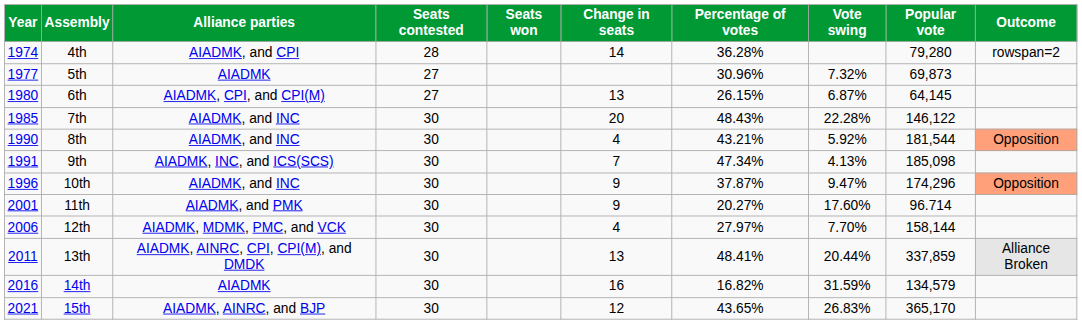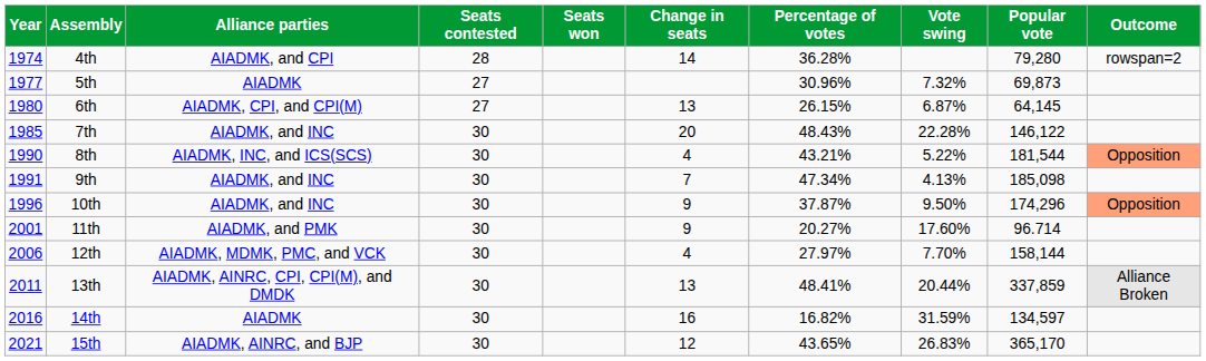 <table class="wikitable sortable" style="text-align:center;">
 <tr>
 <th style="background-color:#009933;color:white">Year</th>
 <th style="background-color:#009933;color:white">Assembly</th>
 <th style="background-color:#009933;color:white">Alliance parties</th>
 <th style="background-color:#009933;color:white">Seats contested</th>
 <th style="background-color:#009933;color:white">Seats won</th>
 <th style="background-color:#009933;color:white">Change in seats</th>
 <th style="background-color:#009933;color:white">Percentage of votes</th>
 <th style="background-color:#009933;color:white">Vote swing</th>
 <th style="background-color:#009933;color:white">Popular vote</th>
 <th style="background-color:#009933;color:white">Outcome</th>
 </tr>
 <tr>
 <td><a href='#'>1974</a></td>
 <td>4th</td>
 <td><a href='#'>AIADMK</a>, and <a href='#'>CPI</a></td>
 <td>28</td>
 <td></td>
 <td> 14</td>
 <td>36.28%</td>
 <td></td>
 <td>79,280</td>
 <td>rowspan=2 </td>
 </tr>
 <tr>
 <td><a href='#'>1977</a></td>
 <td>5th</td>
 <td><a href='#'>AIADMK</a></td>
 <td>27</td>
 <td></td>
 <td></td>
 <td>30.96%</td>
 <td> 7.32%</td>
 <td>69,873</td>
 </tr>
 <tr>
 <td><a href='#'>1980</a></td>
 <td>6th</td>
 <td><a href='#'>AIADMK</a>, <a href='#'>CPI</a>, and <a href='#'>CPI(M)</a></td>
 <td>27</td>
 <td></td>
 <td> 13</td>
 <td>26.15%</td>
 <td> 6.87%</td>
 <td>64,145</td>
 <td></td>
 </tr>
 <tr>
 <td><a href='#'>1985</a></td>
 <td>7th</td>
 <td><a href='#'>AIADMK</a>, and <a href='#'>INC</a></td>
 <td>30</td>
 <td></td>
 <td> 20</td>
 <td>48.43%</td>
 <td> 22.28%</td>
 <td>146,122</td>
 <td></td>
 </tr>
 <tr>
 <td><a href='#'>1990</a></td>
 <td>8th</td>
-<td><a href='#'>AIADMK</a>, and <a href='#'>INC</a></td>
+<td><a href='#'>AIADMK</a>, <a href='#'>INC</a>, and <a href='#'>ICS(SCS)</a></td>
 <td>30</td>
 <td></td>
 <td> 4</td>
 <td>43.21%</td>
-<td> 5.92%</td>
+<td> 5.22%</td>
 <td>181,544</td>
 <td style="background:#FFA07A;">Opposition</td>
 </tr>
 <tr>
 <td><a href='#'>1991</a></td>
 <td>9th</td>
-<td><a href='#'>AIADMK</a>, <a href='#'>INC</a>, and <a href='#'>ICS(SCS)</a></td>
+<td><a href='#'>AIADMK</a>, and <a href='#'>INC</a></td>
 <td>30</td>
 <td></td>
 <td> 7</td>
 <td>47.34%</td>
 <td> 4.13%</td>
 <td>185,098</td>
 <td></td>
 </tr>
 <tr>
 <td><a href='#'>1996</a></td>
 <td>10th</td>
 <td><a href='#'>AIADMK</a>, and <a href='#'>INC</a></td>
 <td>30</td>
 <td></td>
 <td> 9</td>
 <td>37.87%</td>
-<td> 9.47%</td>
+<td> 9.50%</td>
 <td>174,296</td>
 <td style="background:#FFA07A;">Opposition</td>
 </tr>
 <tr>
 <td><a href='#'>2001</a></td>
 <td>11th</td>
 <td><a href='#'>AIADMK</a>, and <a href='#'>PMK</a></td>
 <td>30</td>
 <td></td>
 <td> 9</td>
 <td>20.27%</td>
 <td> 17.60%</td>
 <td>96.714</td>
 <td></td>
 </tr>
 <tr>
 <td><a href='#'>2006</a></td>
 <td>12th</td>
 <td><a href='#'>AIADMK</a>, <a href='#'>MDMK</a>, <a href='#'>PMC</a>, and <a href='#'>VCK</a></td>
 <td>30</td>
 <td></td>
 <td> 4</td>
 <td>27.97%</td>
 <td> 7.70%</td>
 <td>158,144</td>
 <td></td>
 </tr>
 <tr>
 <td><a href='#'>2011</a></td>
 <td>13th</td>
 <td><a href='#'>AIADMK</a>, <a href='#'>AINRC</a>, <a href='#'>CPI</a>, <a href='#'>CPI(M)</a>, and <a href='#'>DMDK</a></td>
 <td>30</td>
 <td></td>
 <td> 13</td>
 <td>48.41%</td>
 <td> 20.44%</td>
 <td>337,859</td>
 <td style="background:#E6E6E6;">Alliance Broken</td>
 </tr>
 <tr>
 <td><a href='#'>2016</a></td>
 <td><a href='#'>14th</a></td>
 <td><a href='#'>AIADMK</a></td>
 <td>30</td>
 <td></td>
 <td> 16</td>
 <td>16.82%</td>
 <td> 31.59%</td>
-<td>134,579</td>
+<td>134,597</td>
 <td></td>
 </tr>
 <tr>
 <td><a href='#'>2021</a></td>
 <td><a href='#'>15th</a></td>
 <td><a href='#'>AIADMK</a>, <a href='#'>AINRC</a>, and <a href='#'>BJP</a></td>
 <td>30</td>
 <td></td>
 <td> 12</td>
 <td>43.65%</td>
 <td> 26.83%</td>
 <td>365,170</td>
 <td></td>
 </tr>
 </table>
